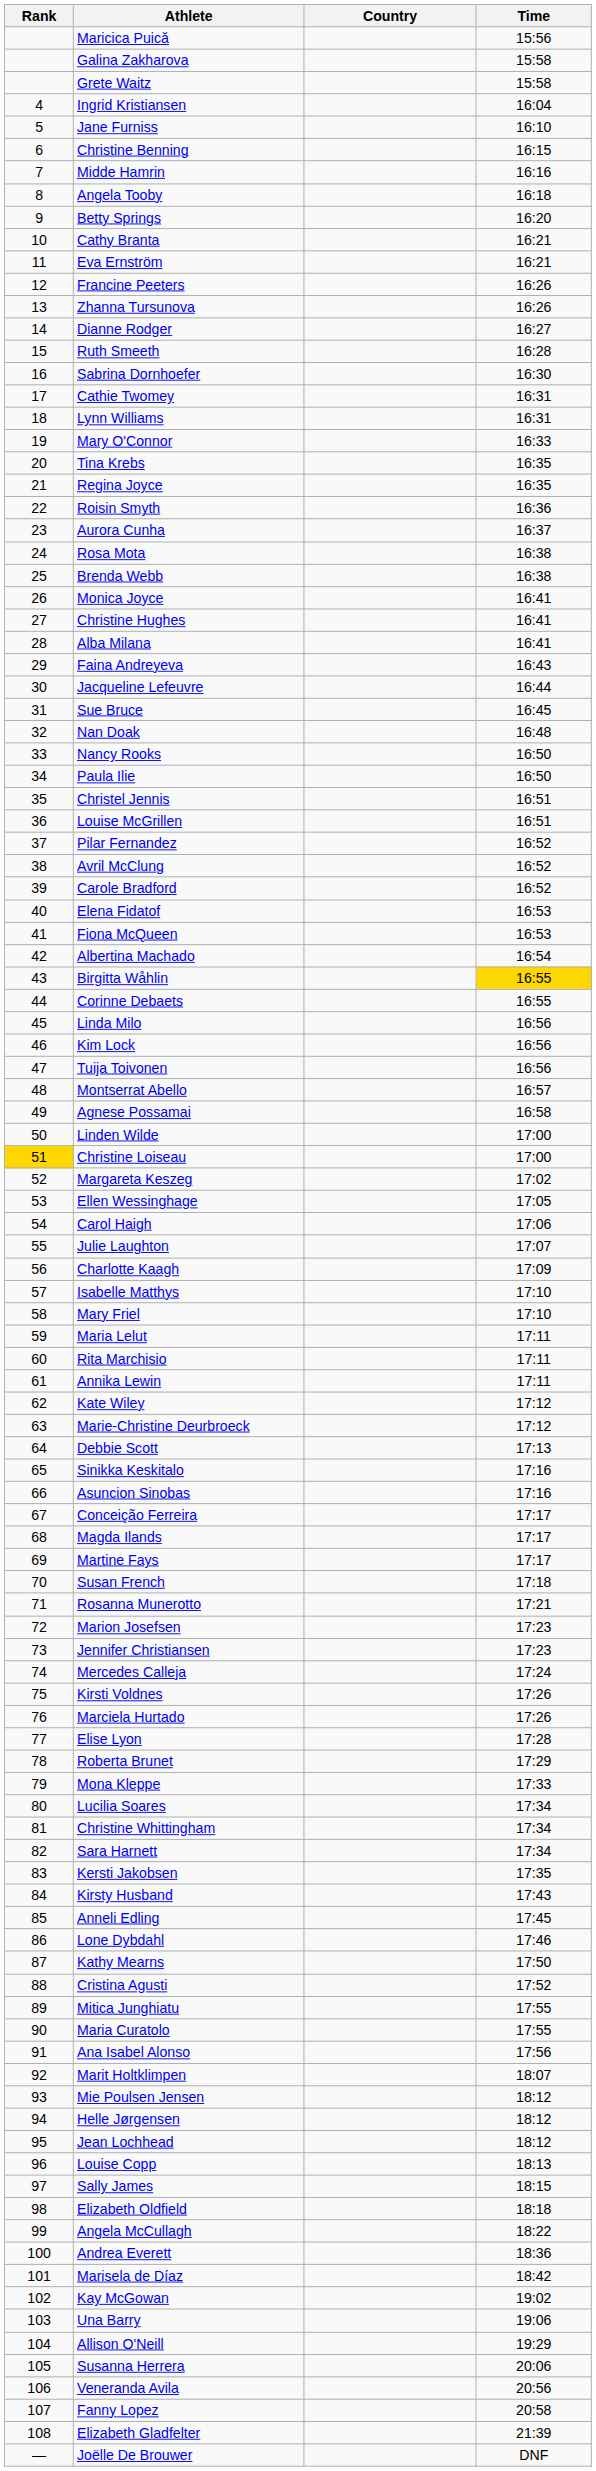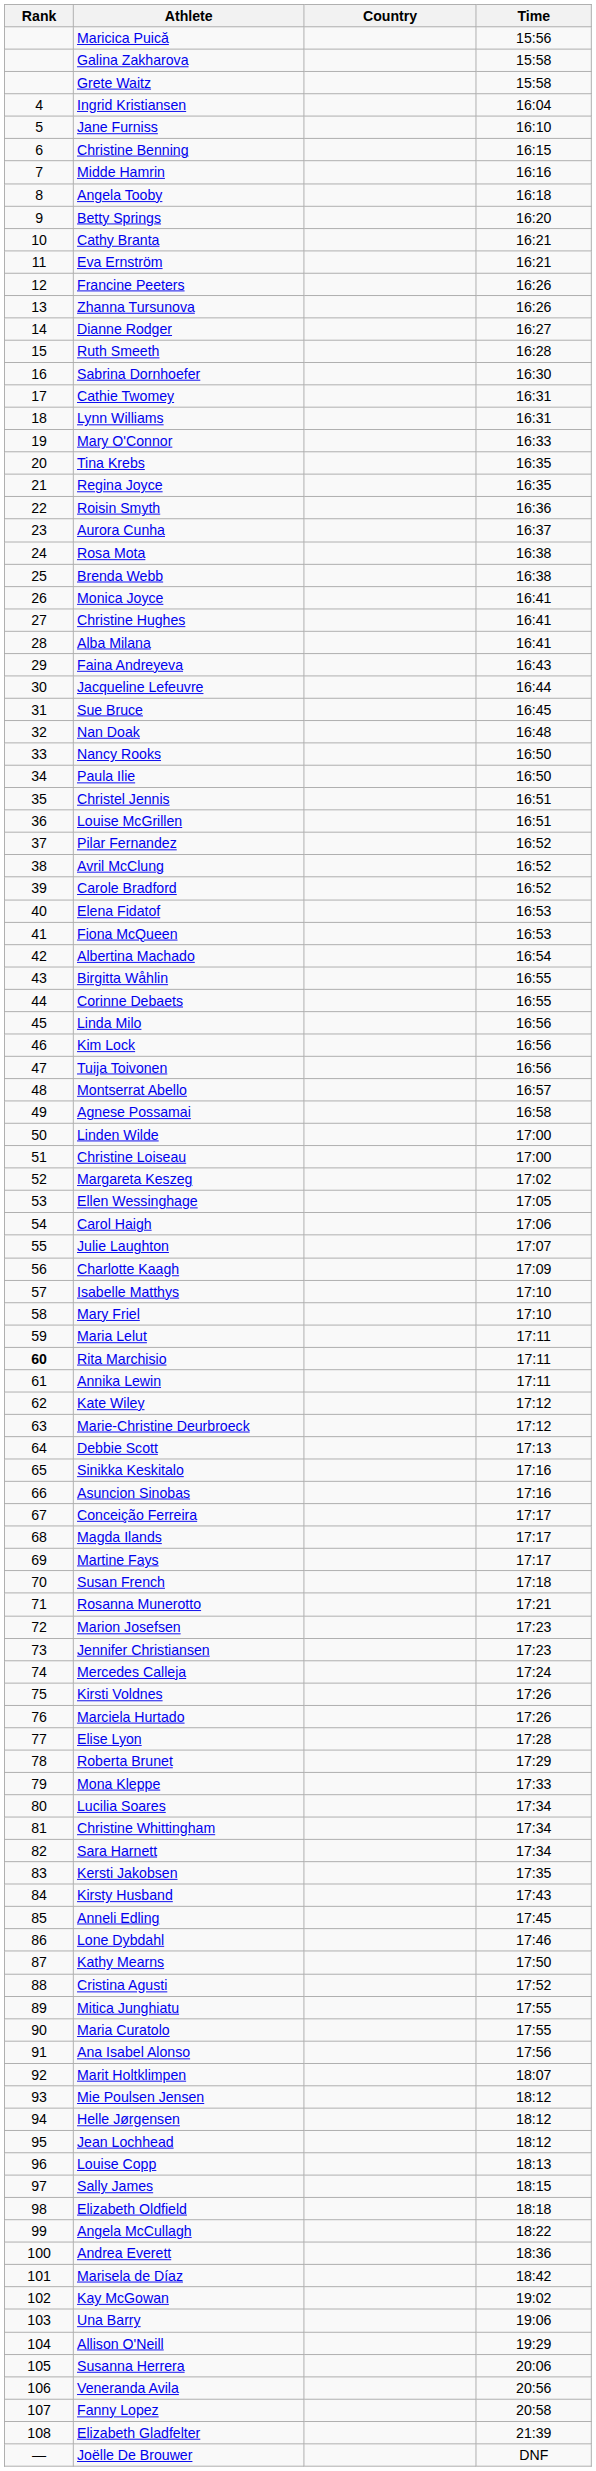 <table class="wikitable sortable" style=" text-align:center; font-size:95%;" width="50%">
 <tr>
 <th width=5%>Rank</th>
 <th width=20%>Athlete</th>
 <th width=15%>Country</th>
 <th width=10%>Time</th>
 </tr>
 <tr>
 <td align=center></td>
 <td align=left><a href='#'>Maricica Puică</a></td>
 <td align=left></td>
 <td>15:56</td>
 </tr>
 <tr>
 <td align=center></td>
 <td align=left><a href='#'>Galina Zakharova</a></td>
 <td align=left></td>
 <td>15:58</td>
 </tr>
 <tr>
 <td align=center></td>
 <td align=left><a href='#'>Grete Waitz</a></td>
 <td align=left></td>
 <td>15:58</td>
 </tr>
 <tr>
 <td align=center>4</td>
 <td align=left><a href='#'>Ingrid Kristiansen</a></td>
 <td align=left></td>
 <td>16:04</td>
 </tr>
 <tr>
 <td align=center>5</td>
 <td align=left><a href='#'>Jane Furniss</a></td>
 <td align=left></td>
 <td>16:10</td>
 </tr>
 <tr>
 <td align=center>6</td>
 <td align=left><a href='#'>Christine Benning</a></td>
 <td align=left></td>
 <td>16:15</td>
 </tr>
 <tr>
 <td align=center>7</td>
 <td align=left><a href='#'>Midde Hamrin</a></td>
 <td align=left></td>
 <td>16:16</td>
 </tr>
 <tr>
 <td align=center>8</td>
 <td align=left><a href='#'>Angela Tooby</a></td>
 <td align=left></td>
 <td>16:18</td>
 </tr>
 <tr>
 <td align=center>9</td>
 <td align=left><a href='#'>Betty Springs</a></td>
 <td align=left></td>
 <td>16:20</td>
 </tr>
 <tr>
 <td align=center>10</td>
 <td align=left><a href='#'>Cathy Branta</a></td>
 <td align=left></td>
 <td>16:21</td>
 </tr>
 <tr>
 <td align=center>11</td>
 <td align=left><a href='#'>Eva Ernström</a></td>
 <td align=left></td>
 <td>16:21</td>
 </tr>
 <tr>
 <td align=center>12</td>
 <td align=left><a href='#'>Francine Peeters</a></td>
 <td align=left></td>
 <td>16:26</td>
 </tr>
 <tr>
 <td align=center>13</td>
 <td align=left><a href='#'>Zhanna Tursunova</a></td>
 <td align=left></td>
 <td>16:26</td>
 </tr>
 <tr>
 <td align=center>14</td>
 <td align=left><a href='#'>Dianne Rodger</a></td>
 <td align=left></td>
 <td>16:27</td>
 </tr>
 <tr>
 <td align=center>15</td>
 <td align=left><a href='#'>Ruth Smeeth</a></td>
 <td align=left></td>
 <td>16:28</td>
 </tr>
 <tr>
 <td align=center>16</td>
 <td align=left><a href='#'>Sabrina Dornhoefer</a></td>
 <td align=left></td>
 <td>16:30</td>
 </tr>
 <tr>
 <td align=center>17</td>
 <td align=left><a href='#'>Cathie Twomey</a></td>
 <td align=left></td>
 <td>16:31</td>
 </tr>
 <tr>
 <td align=center>18</td>
 <td align=left><a href='#'>Lynn Williams</a></td>
 <td align=left></td>
 <td>16:31</td>
 </tr>
 <tr>
 <td align=center>19</td>
 <td align=left><a href='#'>Mary O'Connor</a></td>
 <td align=left></td>
 <td>16:33</td>
 </tr>
 <tr>
 <td align=center>20</td>
 <td align=left><a href='#'>Tina Krebs</a></td>
 <td align=left></td>
 <td>16:35</td>
 </tr>
 <tr>
 <td align=center>21</td>
 <td align=left><a href='#'>Regina Joyce</a></td>
 <td align=left></td>
 <td>16:35</td>
 </tr>
 <tr>
 <td align=center>22</td>
 <td align=left><a href='#'>Roisin Smyth</a></td>
 <td align=left></td>
 <td>16:36</td>
 </tr>
 <tr>
 <td align=center>23</td>
 <td align=left><a href='#'>Aurora Cunha</a></td>
 <td align=left></td>
 <td>16:37</td>
 </tr>
 <tr>
 <td align=center>24</td>
 <td align=left><a href='#'>Rosa Mota</a></td>
 <td align=left></td>
 <td>16:38</td>
 </tr>
 <tr>
 <td align=center>25</td>
 <td align=left><a href='#'>Brenda Webb</a></td>
 <td align=left></td>
 <td>16:38</td>
 </tr>
 <tr>
 <td align=center>26</td>
 <td align=left><a href='#'>Monica Joyce</a></td>
 <td align=left></td>
 <td>16:41</td>
 </tr>
 <tr>
 <td align=center>27</td>
 <td align=left><a href='#'>Christine Hughes</a></td>
 <td align=left></td>
 <td>16:41</td>
 </tr>
 <tr>
 <td align=center>28</td>
 <td align=left><a href='#'>Alba Milana</a></td>
 <td align=left></td>
 <td>16:41</td>
 </tr>
 <tr>
 <td align=center>29</td>
 <td align=left><a href='#'>Faina Andreyeva</a></td>
 <td align=left></td>
 <td>16:43</td>
 </tr>
 <tr>
 <td align=center>30</td>
 <td align=left><a href='#'>Jacqueline Lefeuvre</a></td>
 <td align=left></td>
 <td>16:44</td>
 </tr>
 <tr>
 <td align=center>31</td>
 <td align=left><a href='#'>Sue Bruce</a></td>
 <td align=left></td>
 <td>16:45</td>
 </tr>
 <tr>
 <td align=center>32</td>
 <td align=left><a href='#'>Nan Doak</a></td>
 <td align=left></td>
 <td>16:48</td>
 </tr>
 <tr>
 <td align=center>33</td>
 <td align=left><a href='#'>Nancy Rooks</a></td>
 <td align=left></td>
 <td>16:50</td>
 </tr>
 <tr>
 <td align=center>34</td>
 <td align=left><a href='#'>Paula Ilie</a></td>
 <td align=left></td>
 <td>16:50</td>
 </tr>
 <tr>
 <td align=center>35</td>
 <td align=left><a href='#'>Christel Jennis</a></td>
 <td align=left></td>
 <td>16:51</td>
 </tr>
 <tr>
 <td align=center>36</td>
 <td align=left><a href='#'>Louise McGrillen</a></td>
 <td align=left></td>
 <td>16:51</td>
 </tr>
 <tr>
 <td align=center>37</td>
 <td align=left><a href='#'>Pilar Fernandez</a></td>
 <td align=left></td>
 <td>16:52</td>
 </tr>
 <tr>
 <td align=center>38</td>
 <td align=left><a href='#'>Avril McClung</a></td>
 <td align=left></td>
 <td>16:52</td>
 </tr>
 <tr>
 <td align=center>39</td>
 <td align=left><a href='#'>Carole Bradford</a></td>
 <td align=left></td>
 <td>16:52</td>
 </tr>
 <tr>
 <td align=center>40</td>
 <td align=left><a href='#'>Elena Fidatof</a></td>
 <td align=left></td>
 <td>16:53</td>
 </tr>
 <tr>
 <td align=center>41</td>
 <td align=left><a href='#'>Fiona McQueen</a></td>
 <td align=left></td>
 <td>16:53</td>
 </tr>
 <tr>
 <td align=center>42</td>
 <td align=left><a href='#'>Albertina Machado</a></td>
 <td align=left></td>
 <td>16:54</td>
 </tr>
 <tr>
 <td align=center>43</td>
 <td align=left><a href='#'>Birgitta Wåhlin</a></td>
 <td align=left></td>
-<td style="background: gold;">16:55</td>
+<td>16:55</td>
 </tr>
 <tr>
 <td align=center>44</td>
 <td align=left><a href='#'>Corinne Debaets</a></td>
 <td align=left></td>
 <td>16:55</td>
 </tr>
 <tr>
 <td align=center>45</td>
 <td align=left><a href='#'>Linda Milo</a></td>
 <td align=left></td>
 <td>16:56</td>
 </tr>
 <tr>
 <td align=center>46</td>
 <td align=left><a href='#'>Kim Lock</a></td>
 <td align=left></td>
 <td>16:56</td>
 </tr>
 <tr>
 <td align=center>47</td>
 <td align=left><a href='#'>Tuija Toivonen</a></td>
 <td align=left></td>
 <td>16:56</td>
 </tr>
 <tr>
 <td align=center>48</td>
 <td align=left><a href='#'>Montserrat Abello</a></td>
 <td align=left></td>
 <td>16:57</td>
 </tr>
 <tr>
 <td align=center>49</td>
 <td align=left><a href='#'>Agnese Possamai</a></td>
 <td align=left></td>
 <td>16:58</td>
 </tr>
 <tr>
 <td align=center>50</td>
 <td align=left><a href='#'>Linden Wilde</a></td>
 <td align=left></td>
 <td>17:00</td>
 </tr>
 <tr>
-<td align=center style="background: gold;">51</td>
+<td align=center>51</td>
 <td align=left><a href='#'>Christine Loiseau</a></td>
 <td align=left></td>
 <td>17:00</td>
 </tr>
 <tr>
 <td align=center>52</td>
 <td align=left><a href='#'>Margareta Keszeg</a></td>
 <td align=left></td>
 <td>17:02</td>
 </tr>
 <tr>
 <td align=center>53</td>
 <td align=left><a href='#'>Ellen Wessinghage</a></td>
 <td align=left></td>
 <td>17:05</td>
 </tr>
 <tr>
 <td align=center>54</td>
 <td align=left><a href='#'>Carol Haigh</a></td>
 <td align=left></td>
 <td>17:06</td>
 </tr>
 <tr>
 <td align=center>55</td>
 <td align=left><a href='#'>Julie Laughton</a></td>
 <td align=left></td>
 <td>17:07</td>
 </tr>
 <tr>
 <td align=center>56</td>
 <td align=left><a href='#'>Charlotte Kaagh</a></td>
 <td align=left></td>
 <td>17:09</td>
 </tr>
 <tr>
 <td align=center>57</td>
 <td align=left><a href='#'>Isabelle Matthys</a></td>
 <td align=left></td>
 <td>17:10</td>
 </tr>
 <tr>
 <td align=center>58</td>
 <td align=left><a href='#'>Mary Friel</a></td>
 <td align=left></td>
 <td>17:10</td>
 </tr>
 <tr>
 <td align=center>59</td>
 <td align=left><a href='#'>Maria Lelut</a></td>
 <td align=left></td>
 <td>17:11</td>
 </tr>
 <tr>
-<td align=center>60</td>
+<td align=center><strong>60</strong></td>
 <td align=left><a href='#'>Rita Marchisio</a></td>
 <td align=left></td>
 <td>17:11</td>
 </tr>
 <tr>
 <td align=center>61</td>
 <td align=left><a href='#'>Annika Lewin</a></td>
 <td align=left></td>
 <td>17:11</td>
 </tr>
 <tr>
 <td align=center>62</td>
 <td align=left><a href='#'>Kate Wiley</a></td>
 <td align=left></td>
 <td>17:12</td>
 </tr>
 <tr>
 <td align=center>63</td>
 <td align=left><a href='#'>Marie-Christine Deurbroeck</a></td>
 <td align=left></td>
 <td>17:12</td>
 </tr>
 <tr>
 <td align=center>64</td>
 <td align=left><a href='#'>Debbie Scott</a></td>
 <td align=left></td>
 <td>17:13</td>
 </tr>
 <tr>
 <td align=center>65</td>
 <td align=left><a href='#'>Sinikka Keskitalo</a></td>
 <td align=left></td>
 <td>17:16</td>
 </tr>
 <tr>
 <td align=center>66</td>
 <td align=left><a href='#'>Asuncion Sinobas</a></td>
 <td align=left></td>
 <td>17:16</td>
 </tr>
 <tr>
 <td align=center>67</td>
 <td align=left><a href='#'>Conceição Ferreira</a></td>
 <td align=left></td>
 <td>17:17</td>
 </tr>
 <tr>
 <td align=center>68</td>
 <td align=left><a href='#'>Magda Ilands</a></td>
 <td align=left></td>
 <td>17:17</td>
 </tr>
 <tr>
 <td align=center>69</td>
 <td align=left><a href='#'>Martine Fays</a></td>
 <td align=left></td>
 <td>17:17</td>
 </tr>
 <tr>
 <td align=center>70</td>
 <td align=left><a href='#'>Susan French</a></td>
 <td align=left></td>
 <td>17:18</td>
 </tr>
 <tr>
 <td align=center>71</td>
 <td align=left><a href='#'>Rosanna Munerotto</a></td>
 <td align=left></td>
 <td>17:21</td>
 </tr>
 <tr>
 <td align=center>72</td>
 <td align=left><a href='#'>Marion Josefsen</a></td>
 <td align=left></td>
 <td>17:23</td>
 </tr>
 <tr>
 <td align=center>73</td>
 <td align=left><a href='#'>Jennifer Christiansen</a></td>
 <td align=left></td>
 <td>17:23</td>
 </tr>
 <tr>
 <td align=center>74</td>
 <td align=left><a href='#'>Mercedes Calleja</a></td>
 <td align=left></td>
 <td>17:24</td>
 </tr>
 <tr>
 <td align=center>75</td>
 <td align=left><a href='#'>Kirsti Voldnes</a></td>
 <td align=left></td>
 <td>17:26</td>
 </tr>
 <tr>
 <td align=center>76</td>
 <td align=left><a href='#'>Marciela Hurtado</a></td>
 <td align=left></td>
 <td>17:26</td>
 </tr>
 <tr>
 <td align=center>77</td>
 <td align=left><a href='#'>Elise Lyon</a></td>
 <td align=left></td>
 <td>17:28</td>
 </tr>
 <tr>
 <td align=center>78</td>
 <td align=left><a href='#'>Roberta Brunet</a></td>
 <td align=left></td>
 <td>17:29</td>
 </tr>
 <tr>
 <td align=center>79</td>
 <td align=left><a href='#'>Mona Kleppe</a></td>
 <td align=left></td>
 <td>17:33</td>
 </tr>
 <tr>
 <td align=center>80</td>
 <td align=left><a href='#'>Lucilia Soares</a></td>
 <td align=left></td>
 <td>17:34</td>
 </tr>
 <tr>
 <td align=center>81</td>
 <td align=left><a href='#'>Christine Whittingham</a></td>
 <td align=left></td>
 <td>17:34</td>
 </tr>
 <tr>
 <td align=center>82</td>
 <td align=left><a href='#'>Sara Harnett</a></td>
 <td align=left></td>
 <td>17:34</td>
 </tr>
 <tr>
 <td align=center>83</td>
 <td align=left><a href='#'>Kersti Jakobsen</a></td>
 <td align=left></td>
 <td>17:35</td>
 </tr>
 <tr>
 <td align=center>84</td>
 <td align=left><a href='#'>Kirsty Husband</a></td>
 <td align=left></td>
 <td>17:43</td>
 </tr>
 <tr>
 <td align=center>85</td>
 <td align=left><a href='#'>Anneli Edling</a></td>
 <td align=left></td>
 <td>17:45</td>
 </tr>
 <tr>
 <td align=center>86</td>
 <td align=left><a href='#'>Lone Dybdahl</a></td>
 <td align=left></td>
 <td>17:46</td>
 </tr>
 <tr>
 <td align=center>87</td>
 <td align=left><a href='#'>Kathy Mearns</a></td>
 <td align=left></td>
 <td>17:50</td>
 </tr>
 <tr>
 <td align=center>88</td>
 <td align=left><a href='#'>Cristina Agusti</a></td>
 <td align=left></td>
 <td>17:52</td>
 </tr>
 <tr>
 <td align=center>89</td>
 <td align=left><a href='#'>Mitica Junghiatu</a></td>
 <td align=left></td>
 <td>17:55</td>
 </tr>
 <tr>
 <td align=center>90</td>
 <td align=left><a href='#'>Maria Curatolo</a></td>
 <td align=left></td>
 <td>17:55</td>
 </tr>
 <tr>
 <td align=center>91</td>
 <td align=left><a href='#'>Ana Isabel Alonso</a></td>
 <td align=left></td>
 <td>17:56</td>
 </tr>
 <tr>
 <td align=center>92</td>
 <td align=left><a href='#'>Marit Holtklimpen</a></td>
 <td align=left></td>
 <td>18:07</td>
 </tr>
 <tr>
 <td align=center>93</td>
 <td align=left><a href='#'>Mie Poulsen Jensen</a></td>
 <td align=left></td>
 <td>18:12</td>
 </tr>
 <tr>
 <td align=center>94</td>
 <td align=left><a href='#'>Helle Jørgensen</a></td>
 <td align=left></td>
 <td>18:12</td>
 </tr>
 <tr>
 <td align=center>95</td>
 <td align=left><a href='#'>Jean Lochhead</a></td>
 <td align=left></td>
 <td>18:12</td>
 </tr>
 <tr>
 <td align=center>96</td>
 <td align=left><a href='#'>Louise Copp</a></td>
 <td align=left></td>
 <td>18:13</td>
 </tr>
 <tr>
 <td align=center>97</td>
 <td align=left><a href='#'>Sally James</a></td>
 <td align=left></td>
 <td>18:15</td>
 </tr>
 <tr>
 <td align=center>98</td>
 <td align=left><a href='#'>Elizabeth Oldfield</a></td>
 <td align=left></td>
 <td>18:18</td>
 </tr>
 <tr>
 <td align=center>99</td>
 <td align=left><a href='#'>Angela McCullagh</a></td>
 <td align=left></td>
 <td>18:22</td>
 </tr>
 <tr>
 <td align=center>100</td>
 <td align=left><a href='#'>Andrea Everett</a></td>
 <td align=left></td>
 <td>18:36</td>
 </tr>
 <tr>
 <td align=center>101</td>
 <td align=left><a href='#'>Marisela de Díaz</a></td>
 <td align=left></td>
 <td>18:42</td>
 </tr>
 <tr>
 <td align=center>102</td>
 <td align=left><a href='#'>Kay McGowan</a></td>
 <td align=left></td>
 <td>19:02</td>
 </tr>
 <tr>
 <td align=center>103</td>
 <td align=left><a href='#'>Una Barry</a></td>
 <td align=left></td>
 <td>19:06</td>
 </tr>
 <tr>
 <td align=center>104</td>
 <td align=left><a href='#'>Allison O'Neill</a></td>
 <td align=left></td>
 <td>19:29</td>
 </tr>
 <tr>
 <td align=center>105</td>
 <td align=left><a href='#'>Susanna Herrera</a></td>
 <td align=left></td>
 <td>20:06</td>
 </tr>
 <tr>
 <td align=center>106</td>
 <td align=left><a href='#'>Veneranda Avila</a></td>
 <td align=left></td>
 <td>20:56</td>
 </tr>
 <tr>
 <td align=center>107</td>
 <td align=left><a href='#'>Fanny Lopez</a></td>
 <td align=left></td>
 <td>20:58</td>
 </tr>
 <tr>
 <td align=center>108</td>
 <td align=left><a href='#'>Elizabeth Gladfelter</a></td>
 <td align=left></td>
 <td>21:39</td>
 </tr>
 <tr>
 <td align=center>—</td>
 <td align=left><a href='#'>Joëlle De Brouwer</a></td>
 <td align=left></td>
 <td>DNF</td>
 </tr>
 </table>
